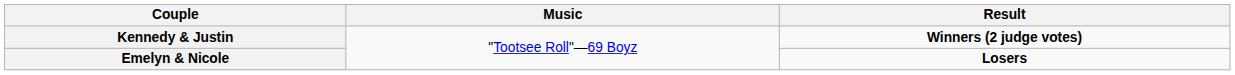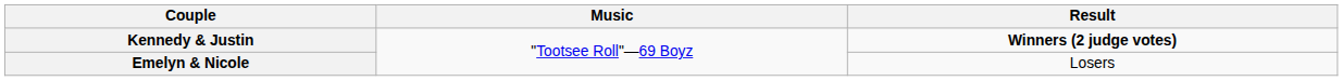 <table class="wikitable sortable" style="text-align:center; width: 90%">
 <tr>
 <th scope="col">Couple</th>
 <th scope="col" class="unsortable">Music</th>
 <th scope="col" class="unsortable">Result</th>
 </tr>
 <tr>
 <th scope="col">Kennedy & Justin</th>
 <td rowspan=2>"<a href='#'>Tootsee Roll</a>"—<a href='#'>69 Boyz</a></td>
 <td><strong>Winners (2 judge votes)</strong></td>
 </tr>
 <tr>
 <th scope="col">Emelyn & Nicole</th>
-<td><strong>Losers</strong></td>
+<td>Losers</td>
 </tr>
 </table>
